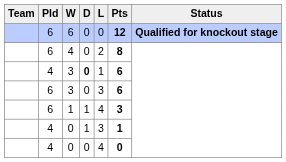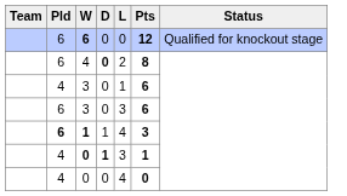 <table style=border-collapse:collapse border=1 cellspacing=0 cellpadding=5>
 <tr align=center bgcolor=#efefef>
 <th>Team</th>
 <th>Pld</th>
 <th>W</th>
 <th>D</th>
 <th>L</th>
 <th>Pts</th>
 <th>Status</th>
 </tr>
 <tr align=center style="background:#bbccff;">
 <td style="text-align:left;"> </td>
 <td>6</td>
-<td>6</td>
+<td><strong>6</strong></td>
 <td>0</td>
 <td>0</td>
 <td><strong>12</strong></td>
-<td rowspan=1><strong>Qualified for knockout stage</strong></td>
+<td rowspan=1>Qualified for knockout stage</td>
 </tr>
 <tr align=center style="background:#FFFFFF;">
 <td style="text-align:left;"> </td>
 <td>6</td>
 <td>4</td>
-<td>0</td>
+<td><strong>0</strong></td>
 <td>2</td>
 <td><strong>8</strong></td>
 <td rowspan=6></td>
 </tr>
 <tr align=center style="background:#FFFFFF;">
 <td style="text-align:left;"> </td>
 <td>4</td>
 <td>3</td>
-<td><strong>0</strong></td>
+<td>0</td>
 <td>1</td>
 <td><strong>6</strong></td>
 </tr>
 <tr align=center style="background:#FFFFFF;">
 <td style="text-align:left;"> </td>
 <td>6</td>
 <td>3</td>
 <td>0</td>
 <td>3</td>
 <td><strong>6</strong></td>
 </tr>
 <tr align=center style="background:#FFFFFF;">
 <td style="text-align:left;"> </td>
-<td>6</td>
-<td>1</td>
+<td><strong>6</strong></td>
+<td><strong>1</strong></td>
 <td>1</td>
 <td>4</td>
 <td><strong>3</strong></td>
 </tr>
 <tr align=center style="background:#FFFFFF;">
 <td style="text-align:left;"> </td>
 <td>4</td>
-<td>0</td>
-<td>1</td>
+<td><strong>0</strong></td>
+<td><strong>1</strong></td>
 <td>3</td>
 <td><strong>1</strong></td>
 </tr>
 <tr align=center style="background:#FFFFFF;">
 <td style="text-align:left;"> </td>
 <td>4</td>
 <td>0</td>
 <td>0</td>
 <td>4</td>
 <td><strong>0</strong></td>
 </tr>
 </table>
